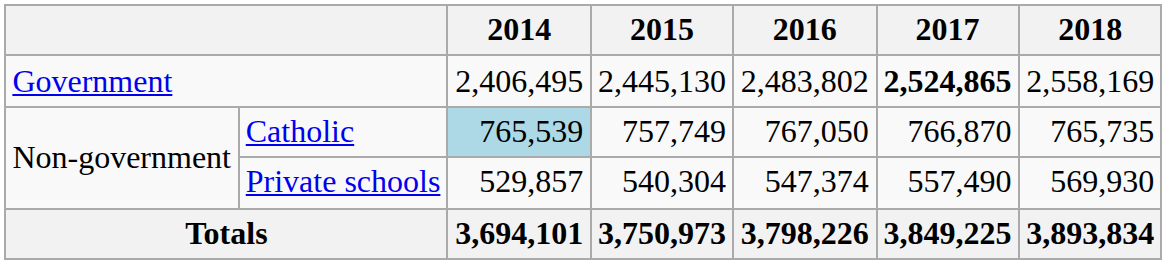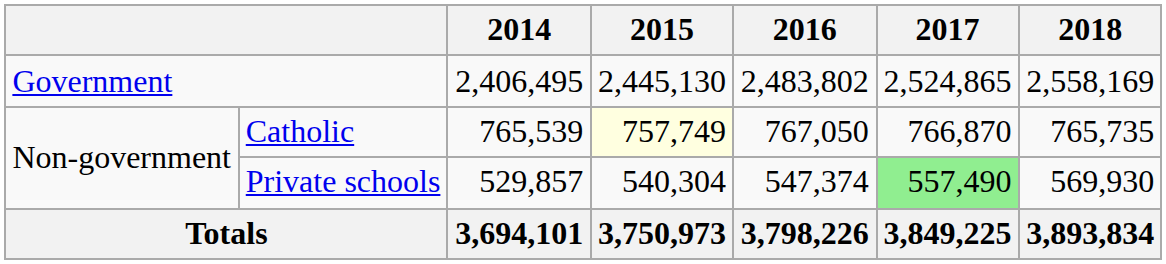 <table class="wikitable sortable">
 <tr>
 <th colspan=2></th>
 <th>2014</th>
 <th>2015</th>
 <th>2016</th>
 <th>2017</th>
 <th>2018</th>
 </tr>
 <tr>
 <td colspan=2><a href='#'>Government</a></td>
 <td align=right>2,406,495</td>
 <td align=right>2,445,130</td>
 <td align=right>2,483,802</td>
-<td align=right><strong>2,524,865</strong></td>
+<td align=right>2,524,865</td>
 <td align=right>2,558,169</td>
 </tr>
 <tr>
 <td rowspan=2>Non-government</td>
 <td><a href='#'>Catholic</a></td>
-<td align=right style="background: lightblue;">765,539</td>
-<td align=right>757,749</td>
+<td align=right>765,539</td>
+<td align=right style="background: lightyellow;">757,749</td>
 <td align=right>767,050</td>
 <td align=right>766,870</td>
 <td align=right>765,735</td>
 </tr>
 <tr>
 <td><a href='#'>Private schools</a></td>
 <td align=right>529,857</td>
 <td align=right>540,304</td>
 <td align=right>547,374</td>
-<td align=right>557,490</td>
+<td align=right style="background: lightgreen;">557,490</td>
 <td align=right>569,930</td>
 </tr>
 <tr>
 <th colspan=2>Totals</th>
 <th align=right>3,694,101</th>
 <th align=right>3,750,973</th>
 <th align=right>3,798,226</th>
 <th align=right>3,849,225</th>
 <th align=right>3,893,834</th>
 </tr>
 </table>
